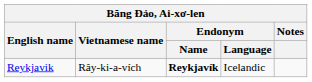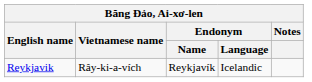 <table class="wikitable sortable">
 <tr>
 <th colspan="5"> Băng Đảo, Ai-xơ-len</th>
 </tr>
 <tr>
 <th rowspan="2">English name</th>
 <th rowspan="2">Vietnamese name</th>
 <th colspan="2">Endonym</th>
 <th>Notes</th>
 </tr>
 <tr>
 <th>Name</th>
 <th>Language</th>
 <th></th>
 </tr>
 <tr>
 <td><a href='#'>Reykjavik</a></td>
 <td>Rây-ki-a-vích</td>
-<td><strong>Reykjavík</strong></td>
+<td>Reykjavík</td>
 <td>Icelandic</td>
 </tr>
 </table>
